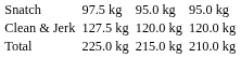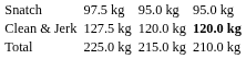 <table>
 <tr>
 <td>Snatch</td>
 <td></td>
 <td>97.5 kg</td>
 <td></td>
 <td>95.0 kg</td>
 <td></td>
 <td>95.0 kg</td>
 </tr>
 <tr>
 <td>Clean & Jerk</td>
 <td></td>
 <td>127.5 kg</td>
 <td></td>
 <td>120.0 kg</td>
 <td></td>
-<td>120.0 kg</td>
+<td><strong>120.0 kg</strong></td>
 </tr>
 <tr>
 <td>Total</td>
 <td></td>
 <td>225.0 kg</td>
 <td></td>
 <td>215.0 kg</td>
 <td></td>
 <td>210.0 kg</td>
 </tr>
 </table>
